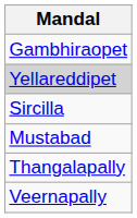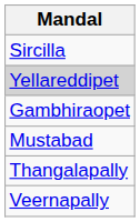 <table class="wikitable sortable static-row-numbers static-row-header-hash">
 <tr>
 <th>Mandal</th>
 </tr>
 <tr>
-<td><a href='#'>Gambhiraopet</a></td>
+<td><a href='#'>Sircilla</a></td>
 </tr>
 <tr>
 <td style="background: lightgrey;"><a href='#'>Yellareddipet</a></td>
 </tr>
 <tr>
-<td><a href='#'>Sircilla</a></td>
+<td><a href='#'>Gambhiraopet</a></td>
 </tr>
 <tr>
 <td><a href='#'>Mustabad</a></td>
 </tr>
 <tr>
 <td><a href='#'>Thangalapally</a></td>
 </tr>
 <tr>
 <td><a href='#'>Veernapally</a></td>
 </tr>
 </table>
